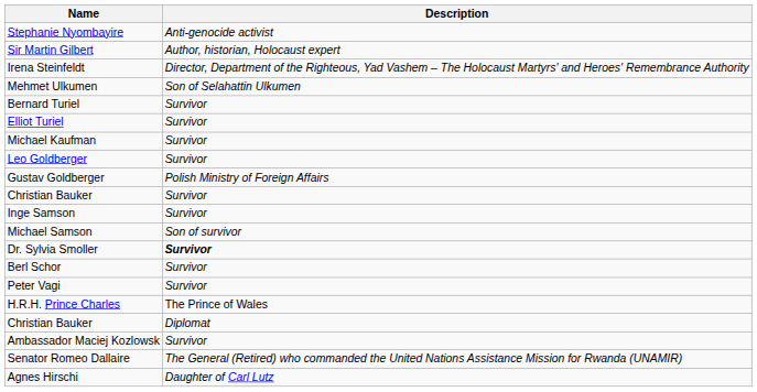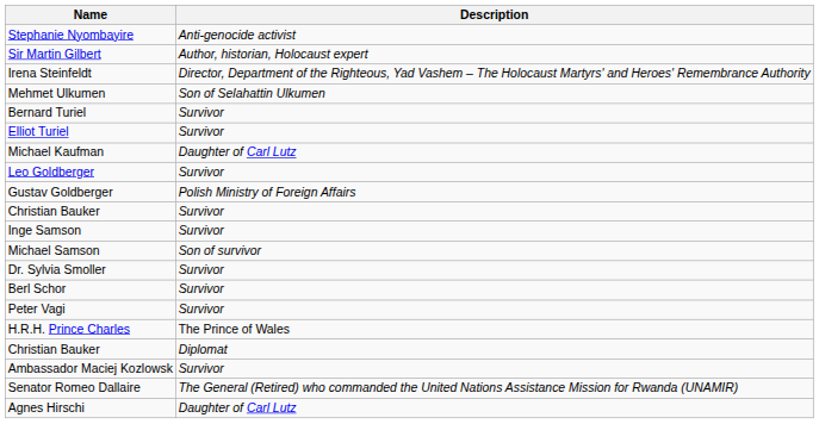 <table class="wikitable">
 <tr>
 <th>Name</th>
 <th>Description</th>
 </tr>
 <tr>
 <td><a href='#'>Stephanie Nyombayire</a></td>
 <td><em>Anti-genocide activist</em></td>
 </tr>
 <tr>
 <td><a href='#'>Sir Martin Gilbert</a></td>
 <td><em>Author, historian, Holocaust expert</em></td>
 </tr>
 <tr>
 <td>Irena Steinfeldt</td>
 <td><em>Director, Department of the Righteous, Yad Vashem</em> <em>– The Holocaust Martyrs' and Heroes' Remembrance Authority</em></td>
 </tr>
 <tr>
 <td>Mehmet Ulkumen</td>
 <td><em>Son of Selahattin Ulkumen</em></td>
 </tr>
 <tr>
 <td>Bernard Turiel</td>
 <td><em>Survivor</em></td>
 </tr>
 <tr>
 <td><a href='#'>Elliot Turiel</a></td>
 <td><em>Survivor</em></td>
 </tr>
 <tr>
 <td>Michael Kaufman</td>
-<td><em>Survivor</em></td>
+<td><em>Daughter of <a href='#'>Carl Lutz</a></em></td>
 </tr>
 <tr>
 <td><a href='#'>Leo Goldberger</a></td>
 <td><em>Survivor</em></td>
 </tr>
 <tr>
 <td>Gustav Goldberger</td>
 <td><em>Polish Ministry of Foreign Affairs</em></td>
 </tr>
 <tr>
 <td>Christian Bauker</td>
 <td><em>Survivor</em></td>
 </tr>
 <tr>
 <td>Inge Samson</td>
 <td><em>Survivor</em></td>
 </tr>
 <tr>
 <td>Michael Samson</td>
 <td><em>Son of survivor</em></td>
 </tr>
 <tr>
 <td>Dr. Sylvia Smoller</td>
-<td><strong><em>Survivor</em></strong></td>
+<td><em>Survivor</em></td>
 </tr>
 <tr>
 <td>Berl Schor</td>
 <td><em>Survivor</em></td>
 </tr>
 <tr>
 <td>Peter Vagi</td>
 <td><em>Survivor</em></td>
 </tr>
 <tr>
 <td>H.R.H. <a href='#'>Prince Charles</a></td>
 <td>The Prince of Wales</td>
 </tr>
 <tr>
 <td>Christian Bauker</td>
 <td><em>Diplomat</em></td>
 </tr>
 <tr>
 <td>Ambassador Maciej Kozlowsk</td>
 <td><em>Survivor</em></td>
 </tr>
 <tr>
 <td>Senator Romeo Dallaire</td>
 <td><em>The General (Retired) who commanded the United Nations Assistance Mission for Rwanda (UNAMIR)</em></td>
 </tr>
 <tr>
 <td>Agnes Hirschi</td>
 <td><em>Daughter of <a href='#'>Carl Lutz</a></em></td>
 </tr>
 </table>
